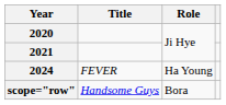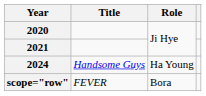 <table class="wikitable plainrowheaders">
 <tr>
 <th scope="col">Year</th>
 <th scope="col">Title</th>
 <th scope="col">Role</th>
 <th scope="col" class="unsortable"></th>
 </tr>
 <tr>
 <th scope="row">2020</th>
 <td><em></em></td>
 <td rowspan="2">Ji Hye</td>
 <td style="text-align:center"></td>
 </tr>
 <tr>
 <th scope="row">2021</th>
 <td><em></em></td>
 <td style="text-align:center"></td>
 </tr>
 <tr>
 <th scope="row">2024</th>
-<td><em>FEVER</em></td>
+<td><em><a href='#'>Handsome Guys</a></em></td>
 <td>Ha Young</td>
 <td style="text-align:center"></td>
 </tr>
 <tr>
 <th>scope="row" </th>
-<td><em><a href='#'>Handsome Guys</a></em></td>
+<td><em>FEVER</em></td>
 <td>Bora</td>
 <td style="text-align:center"></td>
 </tr>
 </table>
